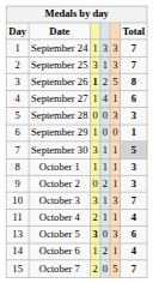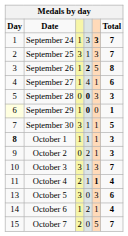 <table class=wikitable style="font-size:85%; text-align:center;float:right;clear:right;margin-left:1em;">
 <tr>
 <th colspan=7>Medals by day</th>
 </tr>
 <tr>
 <td><strong>Day</strong></td>
 <td><strong>Date</strong></td>
 <td bgcolor=F7F6A8></td>
 <td bgcolor=DCE5E5></td>
 <td bgcolor=FFDAB9></td>
 <td><strong>Total</strong></td>
 </tr>
 <tr>
 <td>1</td>
 <td>September 24</td>
 <td bgcolor=F7F6A8>1</td>
 <td bgcolor=DCE5E5>3</td>
-<td bgcolor=FFDAB9>3</td>
+<td bgcolor=FFDAB9><strong>3</strong></td>
 <td><strong>7</strong></td>
 </tr>
 <tr>
 <td>2</td>
 <td>September 25</td>
 <td bgcolor=F7F6A8>3</td>
 <td bgcolor=DCE5E5>1</td>
 <td bgcolor=FFDAB9>3</td>
 <td><strong>7</strong></td>
 </tr>
 <tr>
 <td>3</td>
 <td>September 26</td>
-<td bgcolor=F7F6A8><strong>1</strong></td>
-<td bgcolor=DCE5E5>2</td>
+<td bgcolor=F7F6A8>1</td>
+<td bgcolor=DCE5E5><strong>2</strong></td>
 <td bgcolor=FFDAB9>5</td>
 <td><strong>8</strong></td>
 </tr>
 <tr>
 <td>4</td>
 <td>September 27</td>
 <td bgcolor=F7F6A8>1</td>
 <td bgcolor=DCE5E5>4</td>
 <td bgcolor=FFDAB9>1</td>
 <td><strong>6</strong></td>
 </tr>
 <tr>
 <td>5</td>
 <td>September 28</td>
 <td bgcolor=F7F6A8>0</td>
-<td bgcolor=DCE5E5>0</td>
+<td bgcolor=DCE5E5><strong>0</strong></td>
 <td bgcolor=FFDAB9>3</td>
 <td><strong>3</strong></td>
 </tr>
 <tr>
-<td>6</td>
+<td style="background: lightyellow;">6</td>
 <td>September 29</td>
 <td bgcolor=F7F6A8>1</td>
-<td bgcolor=DCE5E5>0</td>
+<td bgcolor=DCE5E5><strong>0</strong></td>
 <td bgcolor=FFDAB9>0</td>
 <td><strong>1</strong></td>
 </tr>
 <tr>
 <td>7</td>
 <td>September 30</td>
 <td bgcolor=F7F6A8>3</td>
 <td bgcolor=DCE5E5>1</td>
 <td bgcolor=FFDAB9>1</td>
-<td style="background: lightgrey;"><strong>5</strong></td>
+<td><strong>5</strong></td>
 </tr>
 <tr>
-<td>8</td>
+<td><strong>8</strong></td>
 <td>October 1</td>
 <td bgcolor=F7F6A8>1</td>
 <td bgcolor=DCE5E5>1</td>
 <td bgcolor=FFDAB9>1</td>
 <td><strong>3</strong></td>
 </tr>
 <tr>
 <td>9</td>
 <td>October 2</td>
 <td bgcolor=F7F6A8>0</td>
 <td bgcolor=DCE5E5>2</td>
 <td bgcolor=FFDAB9>1</td>
 <td><strong>3</strong></td>
 </tr>
 <tr>
 <td>10</td>
 <td>October 3</td>
 <td bgcolor=F7F6A8>3</td>
 <td bgcolor=DCE5E5>1</td>
 <td bgcolor=FFDAB9>3</td>
 <td><strong>7</strong></td>
 </tr>
 <tr>
 <td>11</td>
 <td>October 4</td>
 <td bgcolor=F7F6A8>2</td>
 <td bgcolor=DCE5E5>1</td>
-<td bgcolor=FFDAB9>1</td>
+<td bgcolor=FFDAB9><strong>1</strong></td>
 <td><strong>4</strong></td>
 </tr>
 <tr>
 <td>13</td>
 <td>October 5</td>
-<td bgcolor=F7F6A8><strong>3</strong></td>
+<td bgcolor=F7F6A8>3</td>
 <td bgcolor=DCE5E5>0</td>
 <td bgcolor=FFDAB9>3</td>
 <td><strong>6</strong></td>
 </tr>
 <tr>
 <td>14</td>
 <td>October 6</td>
 <td bgcolor=F7F6A8>1</td>
 <td bgcolor=DCE5E5>2</td>
 <td bgcolor=FFDAB9>1</td>
 <td><strong>4</strong></td>
 </tr>
 <tr>
 <td>15</td>
 <td>October 7</td>
 <td bgcolor=F7F6A8>2</td>
 <td bgcolor=DCE5E5>0</td>
 <td bgcolor=FFDAB9>5</td>
 <td><strong>7</strong></td>
 </tr>
 </table>
